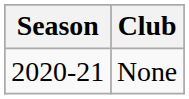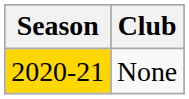 <table class="wikitable sortable" style="text-align:center">
 <tr>
 <th>Season</th>
 <th>Club</th>
 </tr>
 <tr>
-<td>2020-21</td>
+<td style="background: gold;">2020-21</td>
 <td align="left">None</td>
 </tr>
 </table>
